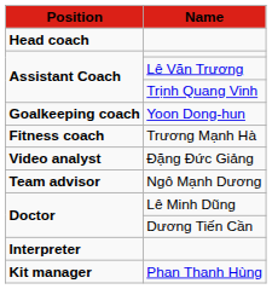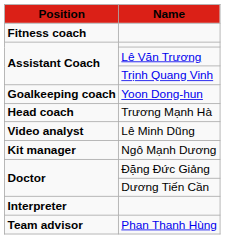 <table class="wikitable" style="font-size:90%; margin:0.5em auto;">
 <tr>
 <th style="background-color:#DB2017;"><span>Position</span></th>
 <th style="background-color:#DB2017;"><span>Name</span></th>
 </tr>
 <tr>
-<td><strong>Head coach</strong></td>
+<td><strong>Fitness coach</strong></td>
 <td></td>
 </tr>
 <tr>
 <td rowspan="3"><strong>Assistant Coach</strong></td>
 <td></td>
 </tr>
 <tr>
 <td> <a href='#'>Lê Văn Trương</a></td>
 </tr>
 <tr>
 <td> <a href='#'>Trịnh Quang Vinh</a></td>
 </tr>
 <tr>
 <td><strong>Goalkeeping coach</strong></td>
 <td> <a href='#'>Yoon Dong-hun</a></td>
 </tr>
 <tr>
-<td><strong>Fitness coach</strong></td>
+<td><strong>Head coach</strong></td>
 <td> Trương Mạnh Hà</td>
 </tr>
 <tr>
 <td><strong>Video analyst</strong></td>
-<td> Đặng Đức Giảng</td>
+<td> Lê Minh Dũng</td>
 </tr>
 <tr>
-<td><strong>Team advisor</strong></td>
+<td><strong>Kit manager</strong></td>
 <td> Ngô Mạnh Dương</td>
 </tr>
 <tr>
 <td rowspan="2"><strong>Doctor</strong></td>
-<td> Lê Minh Dũng</td>
+<td> Đặng Đức Giảng</td>
 </tr>
 <tr>
 <td> Dương Tiến Cần</td>
 </tr>
 <tr>
 <td><strong>Interpreter</strong></td>
 <td></td>
 </tr>
 <tr>
-<td><strong>Kit manager</strong></td>
+<td><strong>Team advisor</strong></td>
 <td> <a href='#'>Phan Thanh Hùng</a></td>
 </tr>
 </table>
